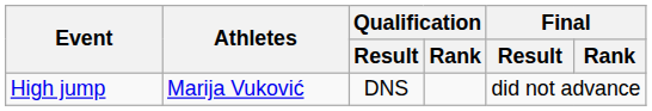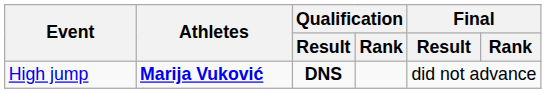 <table class="wikitable" border="1" style="font-size:90%">
 <tr>
 <th rowspan="2" width=100>Event</th>
 <th rowspan="2" width=120>Athletes</th>
 <th colspan="2">Qualification</th>
 <th colspan="2">Final</th>
 </tr>
 <tr>
 <th>Result</th>
 <th>Rank</th>
 <th>Result</th>
 <th>Rank</th>
 </tr>
 <tr>
 <td><a href='#'>High jump</a></td>
-<td><a href='#'>Marija Vuković</a></td>
-<td align=center>DNS</td>
+<td><strong><a href='#'>Marija Vuković</a></strong></td>
+<td align=center><strong>DNS</strong></td>
 <td align=center></td>
 <td align=center colspan="2">did not advance</td>
 </tr>
 </table>
